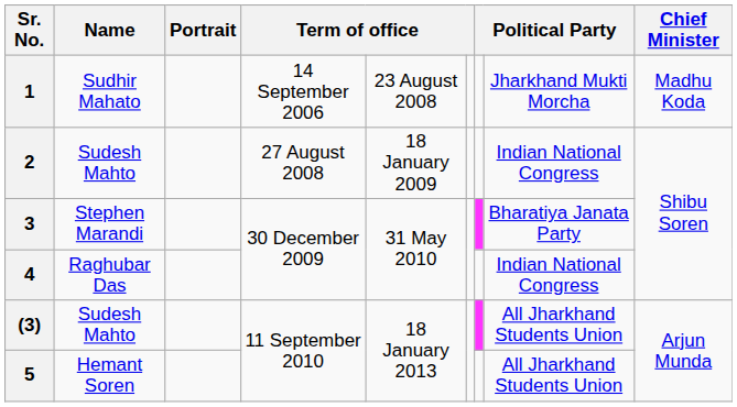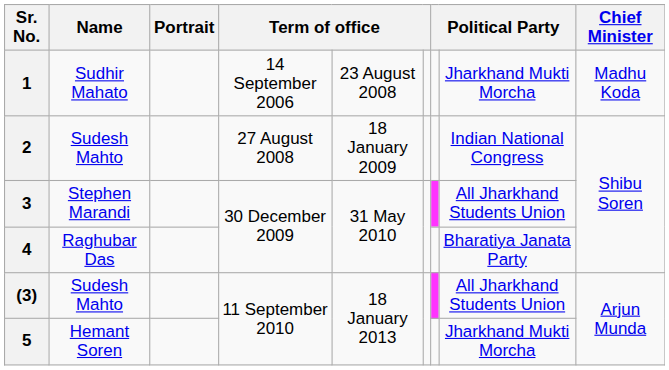 <table class="wikitable" style="width:100%; text-align:center">
 <tr>
 <th>Sr. No.</th>
 <th>Name</th>
 <th>Portrait</th>
 <th colspan=3>Term of office</th>
 <th colspan=2>Political Party</th>
 <th><a href='#'>Chief Minister</a></th>
 </tr>
 <tr>
 <th>1</th>
 <td><a href='#'>Sudhir Mahato</a></td>
 <td></td>
 <td>14 September 2006</td>
 <td>23 August 2008</td>
 <td></td>
 <td></td>
 <td><a href='#'>Jharkhand Mukti Morcha</a></td>
 <td><a href='#'>Madhu Koda</a></td>
 </tr>
 <tr>
 <th>2</th>
 <td><a href='#'>Sudesh Mahto</a></td>
 <td></td>
 <td>27 August 2008</td>
 <td>18 January 2009</td>
 <td></td>
 <td bgcolor=></td>
 <td><a href='#'>Indian National Congress</a></td>
 <td rowspan=3><a href='#'>Shibu Soren</a></td>
 </tr>
 <tr>
 <th>3</th>
 <td><a href='#'>Stephen Marandi</a></td>
 <td></td>
 <td rowspan=2>30 December 2009</td>
 <td rowspan=2>31 May 2010</td>
 <td rowspan=2></td>
 <td bgcolor=#ff33ff></td>
-<td><a href='#'>Bharatiya Janata Party</a></td>
+<td><a href='#'>All Jharkhand Students Union</a></td>
 </tr>
 <tr>
 <th>4</th>
 <td><a href='#'>Raghubar Das</a></td>
 <td></td>
 <td></td>
-<td><a href='#'>Indian National Congress</a></td>
+<td><a href='#'>Bharatiya Janata Party</a></td>
 </tr>
 <tr>
 <th>(3)</th>
 <td><a href='#'>Sudesh Mahto</a></td>
 <td></td>
 <td rowspan=2>11 September 2010</td>
 <td rowspan=2>18 January 2013</td>
 <td rowspan=2></td>
 <td bgcolor=#ff33ff></td>
 <td><a href='#'>All Jharkhand Students Union</a></td>
 <td rowspan=2><a href='#'>Arjun Munda</a></td>
 </tr>
 <tr>
 <th>5</th>
 <td><a href='#'>Hemant Soren</a></td>
 <td></td>
 <td></td>
-<td><a href='#'>All Jharkhand Students Union</a></td>
+<td><a href='#'>Jharkhand Mukti Morcha</a></td>
 </tr>
 </table>
